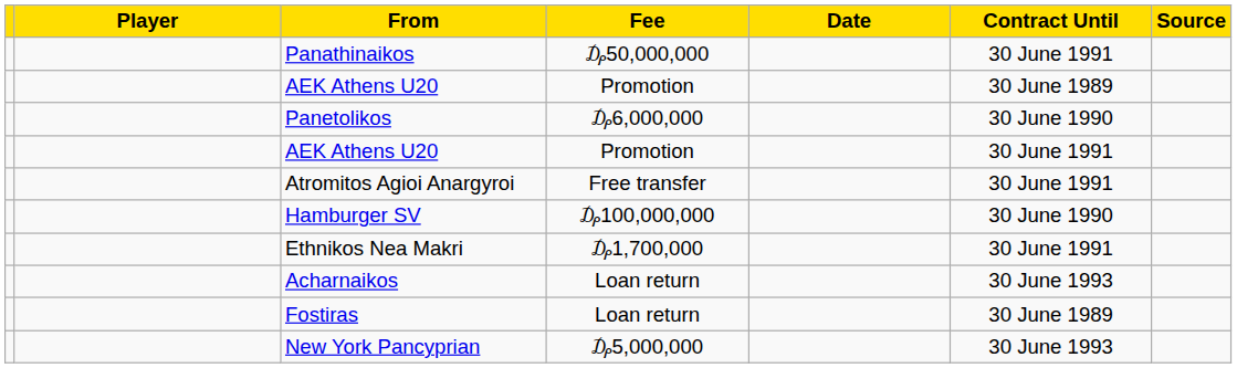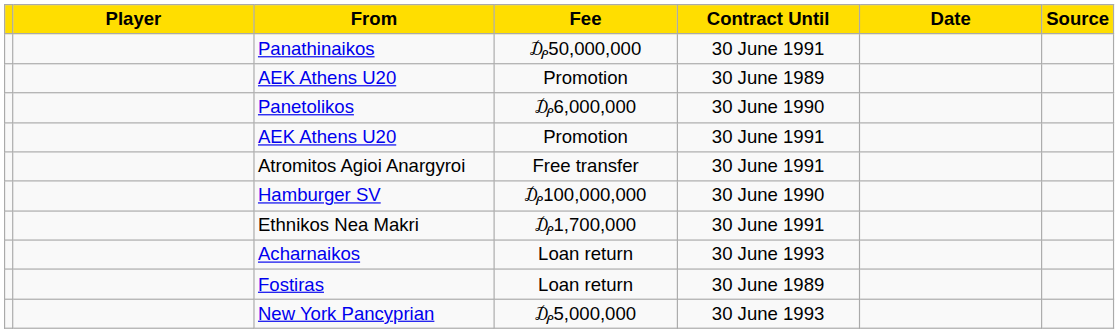 <table class="wikitable sortable">
 <tr>
 <th style="background:#FFDE00"></th>
 <th width=200 style="background:#FFDE00">Player</th>
 <th width=200 style="background:#FFDE00">From</th>
 <th width=150 style="background:#FFDE00">Fee</th>
+<th width=150 style="background:#FFDE00">Contract Until</th>
 <th width=150 style="background:#FFDE00">Date</th>
-<th width=150 style="background:#FFDE00">Contract Until</th>
 <th style="background:#FFDE00">Source</th>
 </tr>
 <tr>
 <td align=center></td>
 <td></td>
 <td> <a href='#'>Panathinaikos</a></td>
 <td align=center>₯50,000,000</td>
+<td align=center>30 June 1991</td>
 <td align=center></td>
-<td align=center>30 June 1991</td>
 <td align=center></td>
 </tr>
 <tr>
 <td align=center></td>
 <td></td>
 <td> <a href='#'>AEK Athens U20</a></td>
 <td align=center>Promotion</td>
+<td align=center>30 June 1989</td>
 <td align=center></td>
-<td align=center>30 June 1989</td>
 <td align=center></td>
 </tr>
 <tr>
 <td align=center></td>
 <td></td>
 <td> <a href='#'>Panetolikos</a></td>
 <td align=center>₯6,000,000</td>
+<td align=center>30 June 1990</td>
 <td align=center></td>
-<td align=center>30 June 1990</td>
 <td align=center></td>
 </tr>
 <tr>
 <td align=center></td>
 <td></td>
 <td> <a href='#'>AEK Athens U20</a></td>
 <td align=center>Promotion</td>
+<td align=center>30 June 1991</td>
 <td align=center></td>
-<td align=center>30 June 1991</td>
 <td align=center></td>
 </tr>
 <tr>
 <td align=center></td>
 <td></td>
 <td> Atromitos Agioi Anargyroi</td>
 <td align=center>Free transfer</td>
+<td align=center>30 June 1991</td>
 <td align=center></td>
-<td align=center>30 June 1991</td>
 <td align=center></td>
 </tr>
 <tr>
 <td align=center></td>
 <td></td>
 <td> <a href='#'>Hamburger SV</a></td>
 <td align=center>₯100,000,000</td>
+<td align=center>30 June 1990</td>
 <td align=center></td>
-<td align=center>30 June 1990</td>
 <td align=center></td>
 </tr>
 <tr>
 <td align=center></td>
 <td></td>
 <td> Ethnikos Nea Makri</td>
 <td align=center>₯1,700,000</td>
+<td align=center>30 June 1991</td>
 <td align=center></td>
-<td align=center>30 June 1991</td>
 <td align=center></td>
 </tr>
 <tr>
 <td align=center></td>
 <td></td>
 <td> <a href='#'>Acharnaikos</a></td>
 <td align=center>Loan return</td>
+<td align=center>30 June 1993</td>
 <td align=center></td>
-<td align=center>30 June 1993</td>
 <td align=center></td>
 </tr>
 <tr>
 <td align=center></td>
 <td></td>
 <td> <a href='#'>Fostiras</a></td>
 <td align=center>Loan return</td>
+<td align=center>30 June 1989</td>
 <td align=center></td>
-<td align=center>30 June 1989</td>
 <td align=center></td>
 </tr>
 <tr>
 <td align=center></td>
 <td></td>
 <td> <a href='#'>New York Pancyprian</a></td>
 <td align=center>₯5,000,000</td>
+<td align=center>30 June 1993</td>
 <td align=center></td>
-<td align=center>30 June 1993</td>
 <td align=center></td>
 </tr>
 </table>
